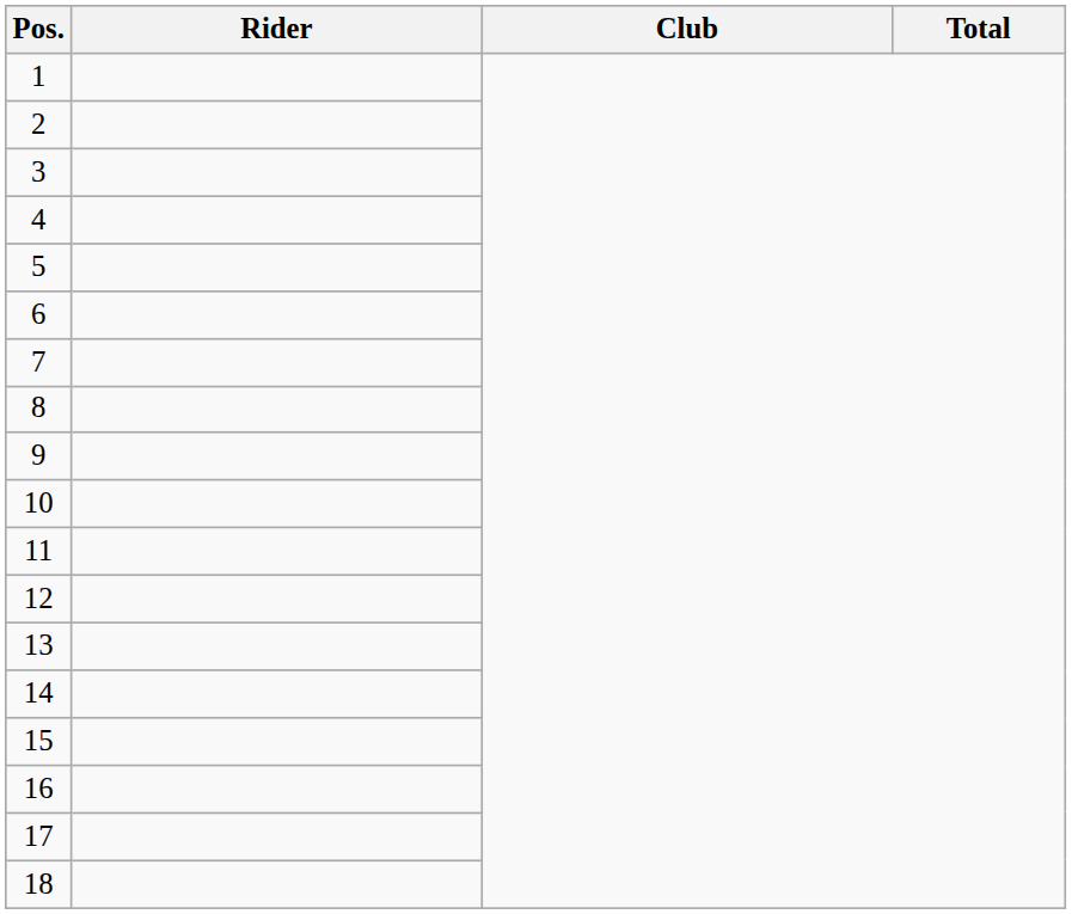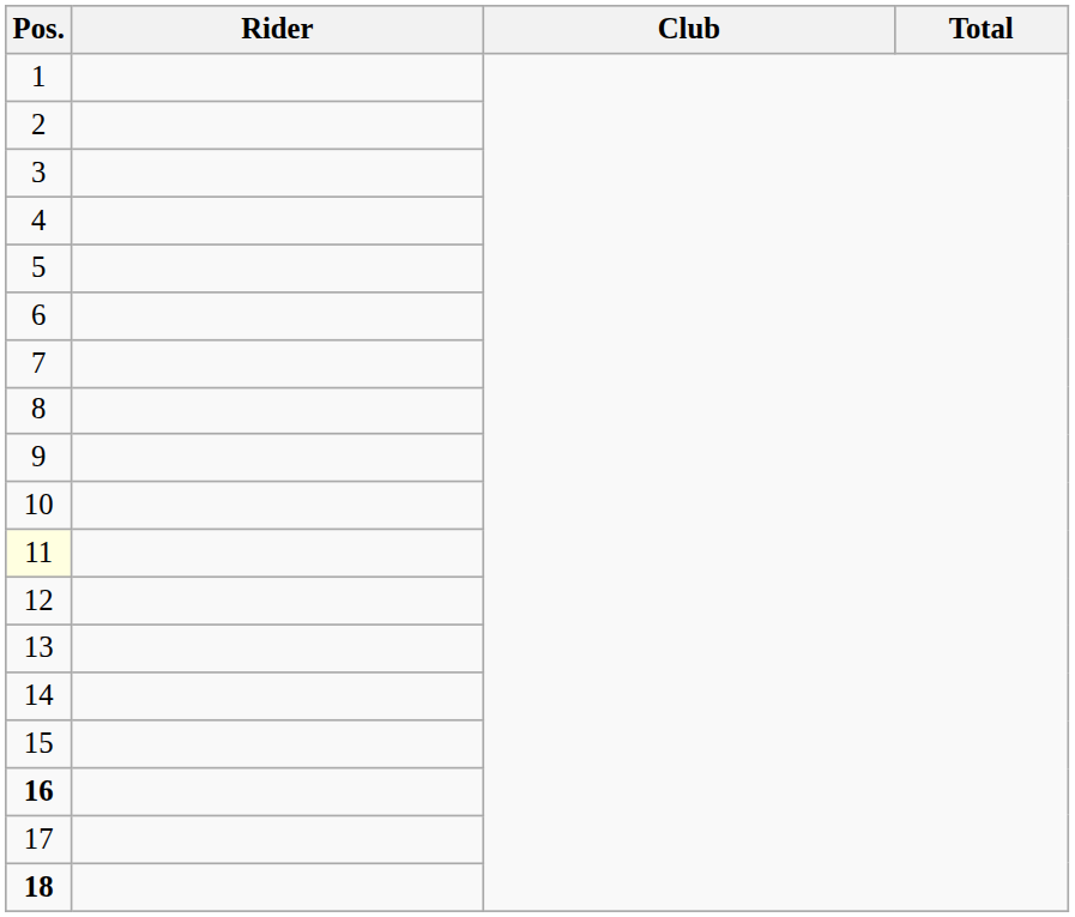 <table class=wikitable style="font-size:93%;">
 <tr>
 <th width=25px>Pos.</th>
 <th width=200px>Rider</th>
 <th width=200px>Club</th>
 <th width=80px>Total</th>
 </tr>
 <tr align=center>
 <td>1</td>
 <td align=left></td>
 </tr>
 <tr align=center>
 <td>2</td>
 <td align=left></td>
 </tr>
 <tr align=center>
 <td>3</td>
 <td align=left></td>
 </tr>
 <tr align=center>
 <td>4</td>
 <td align=left></td>
 </tr>
 <tr align=center>
 <td>5</td>
 <td align=left></td>
 </tr>
 <tr align=center>
 <td>6</td>
 <td align=left></td>
 </tr>
 <tr align=center>
 <td>7</td>
 <td align=left></td>
 </tr>
 <tr align=center>
 <td>8</td>
 <td align=left></td>
 </tr>
 <tr align=center>
 <td>9</td>
 <td align=left></td>
 </tr>
 <tr align=center>
 <td>10</td>
 <td align=left></td>
 </tr>
 <tr align=center>
-<td>11</td>
+<td style="background: lightyellow;">11</td>
 <td align=left></td>
 </tr>
 <tr align=center>
 <td>12</td>
 <td align=left></td>
 </tr>
 <tr align=center>
 <td>13</td>
 <td align=left></td>
 </tr>
 <tr align=center>
 <td>14</td>
 <td align=left></td>
 </tr>
 <tr align=center>
 <td>15</td>
 <td align=left></td>
 </tr>
 <tr align=center>
-<td>16</td>
+<td><strong>16</strong></td>
 <td align=left></td>
 </tr>
 <tr align=center>
 <td>17</td>
 <td align=left></td>
 </tr>
 <tr align=center>
-<td>18</td>
+<td><strong>18</strong></td>
 <td align=left></td>
 </tr>
 </table>
